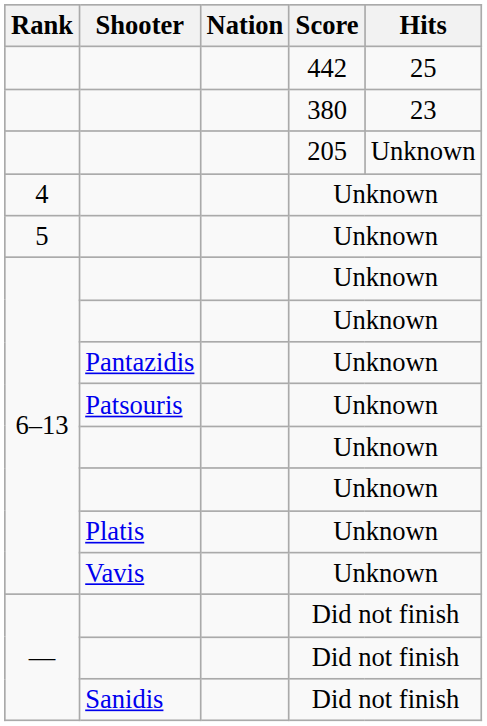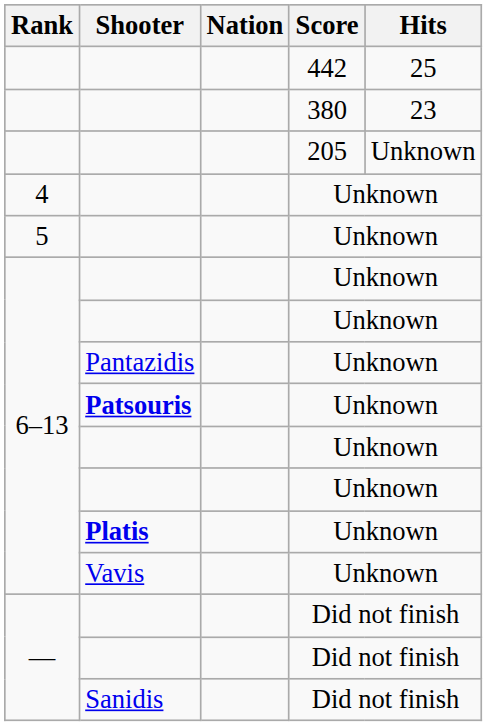 <table class="wikitable sortable" style="text-align:center">
 <tr>
 <th>Rank</th>
 <th>Shooter</th>
 <th>Nation</th>
 <th>Score</th>
 <th>Hits</th>
 </tr>
 <tr>
 <td></td>
 <td align=left></td>
 <td align=left></td>
 <td>442</td>
 <td>25</td>
 </tr>
 <tr>
 <td></td>
 <td align=left></td>
 <td align=left></td>
 <td>380</td>
 <td>23</td>
 </tr>
 <tr>
 <td></td>
 <td align=left></td>
 <td align=left></td>
 <td>205</td>
 <td>Unknown</td>
 </tr>
 <tr>
 <td>4</td>
 <td align=left></td>
 <td align=left></td>
 <td colspan=2>Unknown</td>
 </tr>
 <tr>
 <td>5</td>
 <td align=left></td>
 <td align=left></td>
 <td colspan=2>Unknown</td>
 </tr>
 <tr>
 <td rowspan=8>6–13</td>
 <td align=left></td>
 <td align=left></td>
 <td colspan=2>Unknown</td>
 </tr>
 <tr>
 <td align=left></td>
 <td align=left></td>
 <td colspan=2>Unknown</td>
 </tr>
 <tr>
 <td align=left><a href='#'>Pantazidis</a></td>
 <td align=left></td>
 <td colspan=2>Unknown</td>
 </tr>
 <tr>
-<td align=left><a href='#'>Patsouris</a></td>
+<td align=left><strong><a href='#'>Patsouris</a></strong></td>
 <td align=left></td>
 <td colspan=2>Unknown</td>
 </tr>
 <tr>
 <td align=left></td>
 <td align=left></td>
 <td colspan=2>Unknown</td>
 </tr>
 <tr>
 <td align=left></td>
 <td align=left></td>
 <td colspan=2>Unknown</td>
 </tr>
 <tr>
-<td align=left><a href='#'>Platis</a></td>
+<td align=left><strong><a href='#'>Platis</a></strong></td>
 <td align=left></td>
 <td colspan=2>Unknown</td>
 </tr>
 <tr>
 <td align=left><a href='#'>Vavis</a></td>
 <td align=left></td>
 <td colspan=2>Unknown</td>
 </tr>
 <tr>
 <td rowspan=3 data-sort-value=14>—</td>
 <td align=left></td>
 <td align=left></td>
 <td colspan=2>Did not finish</td>
 </tr>
 <tr>
 <td align=left></td>
 <td align=left></td>
 <td colspan=2>Did not finish</td>
 </tr>
 <tr>
 <td align=left><a href='#'>Sanidis</a></td>
 <td align=left></td>
 <td colspan=2>Did not finish</td>
 </tr>
 </table>
